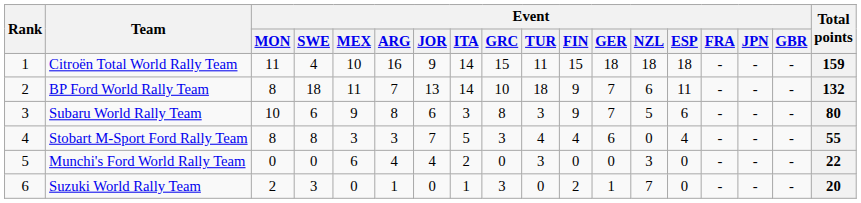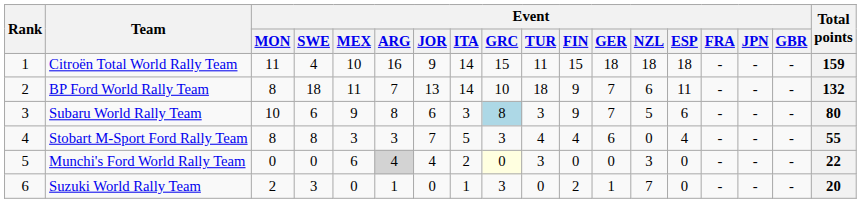 <table class="wikitable" style="text-align:center; font-size:90%;">
 <tr>
 <th rowspan=2>Rank</th>
 <th rowspan=2>Team</th>
 <th colspan=15>Event</th>
 <th rowspan=2>Total<br>points</th>
 </tr>
 <tr valign="top">
 <th><a href='#'>MON</a><br></th>
 <th><a href='#'>SWE</a><br></th>
 <th><a href='#'>MEX</a><br></th>
 <th><a href='#'>ARG</a><br></th>
 <th><a href='#'>JOR</a><br></th>
 <th><a href='#'>ITA</a><br></th>
 <th><a href='#'>GRC</a><br></th>
 <th><a href='#'>TUR</a><br></th>
 <th><a href='#'>FIN</a><br></th>
 <th><a href='#'>GER</a><br></th>
 <th><a href='#'>NZL</a><br></th>
 <th><a href='#'>ESP</a><br></th>
 <th><a href='#'>FRA</a><br></th>
 <th><a href='#'>JPN</a><br></th>
 <th><a href='#'>GBR</a><br></th>
 </tr>
 <tr>
 <td>1</td>
 <td align="left"> <a href='#'>Citroën Total World Rally Team</a></td>
 <td>11</td>
 <td>4</td>
 <td>10</td>
 <td>16</td>
 <td>9</td>
 <td>14</td>
 <td>15</td>
 <td>11</td>
 <td>15</td>
 <td>18</td>
 <td>18</td>
 <td>18</td>
 <td>-</td>
 <td>-</td>
 <td>-</td>
 <th>159</th>
 </tr>
 <tr>
 <td>2</td>
 <td align="left"> <a href='#'>BP Ford World Rally Team</a></td>
 <td>8</td>
 <td>18</td>
 <td>11</td>
 <td>7</td>
 <td>13</td>
 <td>14</td>
 <td>10</td>
 <td>18</td>
 <td>9</td>
 <td>7</td>
 <td>6</td>
 <td>11</td>
 <td>-</td>
 <td>-</td>
 <td>-</td>
 <th>132</th>
 </tr>
 <tr>
 <td>3</td>
 <td align="left"> <a href='#'>Subaru World Rally Team</a></td>
 <td>10</td>
 <td>6</td>
 <td>9</td>
 <td>8</td>
 <td>6</td>
 <td>3</td>
-<td>8</td>
+<td style="background: lightblue;">8</td>
 <td>3</td>
 <td>9</td>
 <td>7</td>
 <td>5</td>
 <td>6</td>
 <td>-</td>
 <td>-</td>
 <td>-</td>
 <th>80</th>
 </tr>
 <tr>
 <td>4</td>
 <td align="left"> <a href='#'>Stobart M-Sport Ford Rally Team</a></td>
 <td>8</td>
 <td>8</td>
 <td>3</td>
 <td>3</td>
 <td>7</td>
 <td>5</td>
 <td>3</td>
 <td>4</td>
 <td>4</td>
 <td>6</td>
 <td>0</td>
 <td>4</td>
 <td>-</td>
 <td>-</td>
 <td>-</td>
 <th>55</th>
 </tr>
 <tr>
 <td>5</td>
 <td align="left"> <a href='#'>Munchi's Ford World Rally Team</a></td>
 <td>0</td>
 <td>0</td>
 <td>6</td>
-<td>4</td>
+<td style="background: lightgrey;">4</td>
 <td>4</td>
 <td>2</td>
-<td>0</td>
+<td style="background: lightyellow;">0</td>
 <td>3</td>
 <td>0</td>
 <td>0</td>
 <td>3</td>
 <td>0</td>
 <td>-</td>
 <td>-</td>
 <td>-</td>
 <th>22</th>
 </tr>
 <tr>
 <td>6</td>
 <td align="left"> <a href='#'>Suzuki World Rally Team</a></td>
 <td>2</td>
 <td>3</td>
 <td>0</td>
 <td>1</td>
 <td>0</td>
 <td>1</td>
 <td>3</td>
 <td>0</td>
 <td>2</td>
 <td>1</td>
 <td>7</td>
 <td>0</td>
 <td>-</td>
 <td>-</td>
 <td>-</td>
 <th>20</th>
 </tr>
 </table>
